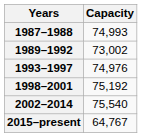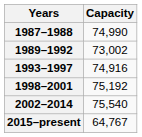 <table class="wikitable">
 <tr>
 <th scope="row">Years</th>
 <th scope="row">Capacity</th>
 </tr>
 <tr>
 <th scope="row">1987–1988</th>
-<td style="text-align:center">74,993</td>
+<td style="text-align:center">74,990</td>
 </tr>
 <tr>
 <th scope="row">1989–1992</th>
 <td style="text-align:center">73,002</td>
 </tr>
 <tr>
 <th scope="row">1993–1997</th>
-<td style="text-align:center">74,976</td>
+<td style="text-align:center">74,916</td>
 </tr>
 <tr>
 <th scope="row">1998–2001</th>
 <td style="text-align:center">75,192</td>
 </tr>
 <tr>
 <th scope="row">2002–2014</th>
 <td style="text-align:center">75,540</td>
 </tr>
 <tr>
 <th scope="row">2015–present</th>
 <td style="text-align:center">64,767</td>
 </tr>
 </table>
